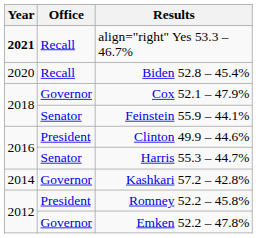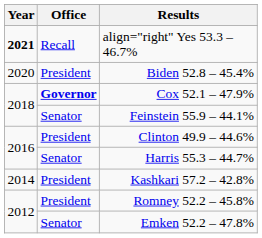 <table class=wikitable>
 <tr>
 <th style="width:30px;">Year</th>
 <th style="width:60px;">Office</th>
 <th style="width:180px;">Results</th>
 </tr>
 <tr>
 <td><strong>2021</strong></td>
 <td><a href='#'>Recall</a></td>
 <td>align="right"  Yes 53.3 – 46.7%</td>
 </tr>
 <tr>
 <td>2020</td>
-<td><a href='#'>Recall</a></td>
+<td><a href='#'>President</a></td>
 <td align="right" ><a href='#'>Biden</a> 52.8 – 45.4%</td>
 </tr>
 <tr>
 <td rowspan="2">2018</td>
-<td><a href='#'>Governor</a></td>
+<td><strong><a href='#'>Governor</a></strong></td>
 <td align="right" ><a href='#'>Cox</a> 52.1 – 47.9%</td>
 </tr>
 <tr>
 <td><a href='#'>Senator</a></td>
 <td align="right" ><a href='#'>Feinstein</a> 55.9 – 44.1%</td>
 </tr>
 <tr>
 <td rowspan="2">2016</td>
 <td><a href='#'>President</a></td>
 <td align="right" ><a href='#'>Clinton</a> 49.9 – 44.6%</td>
 </tr>
 <tr>
 <td><a href='#'>Senator</a></td>
 <td align="right" ><a href='#'>Harris</a> 55.3 – 44.7%</td>
 </tr>
 <tr>
 <td>2014</td>
-<td><a href='#'>Governor</a></td>
+<td><a href='#'>President</a></td>
 <td align="right" ><a href='#'>Kashkari</a> 57.2 – 42.8%</td>
 </tr>
 <tr>
 <td rowspan="2">2012</td>
 <td><a href='#'>President</a></td>
 <td align="right" ><a href='#'>Romney</a> 52.2 – 45.8%</td>
 </tr>
 <tr>
-<td><a href='#'>Governor</a></td>
+<td><a href='#'>Senator</a></td>
 <td align="right" ><a href='#'>Emken</a> 52.2 – 47.8%</td>
 </tr>
 </table>
